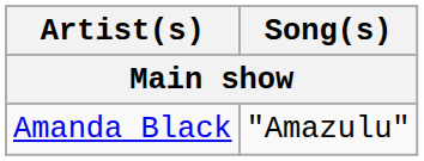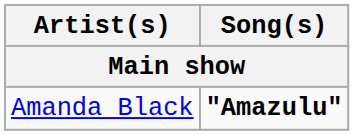 <table class="wikitable">
 <tr>
 <th>Artist(s)</th>
 <th>Song(s)</th>
 </tr>
 <tr>
 <th colspan=2>Main show</th>
 </tr>
 <tr>
 <td><a href='#'>Amanda Black</a></td>
-<td>"Amazulu"</td>
+<td><strong>"Amazulu"</strong></td>
 </tr>
 </table>
